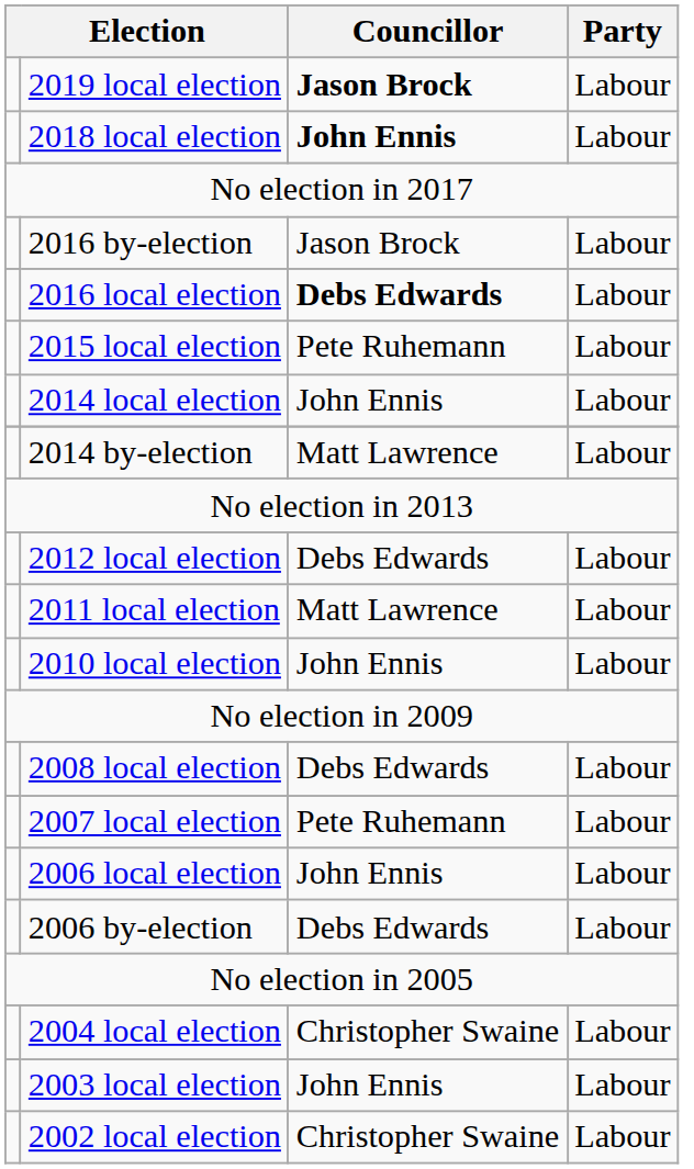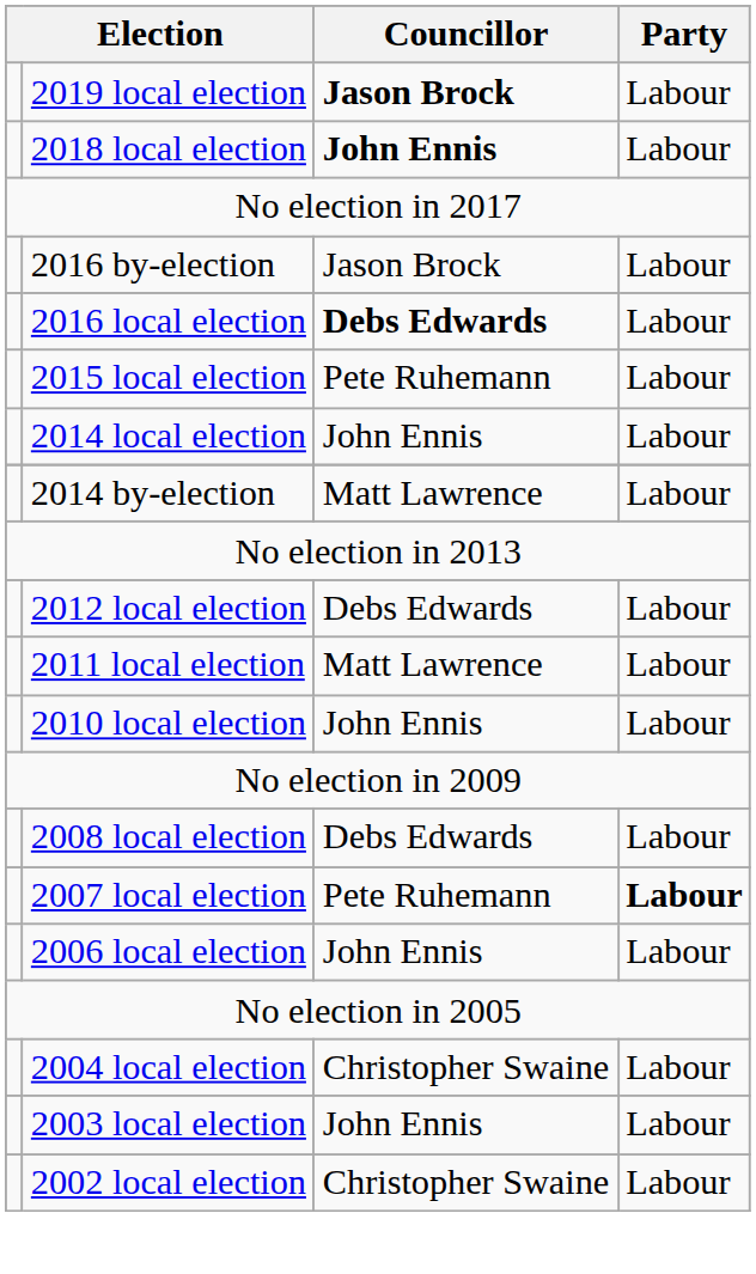 <table class="wikitable">
 <tr>
 <th colspan="2">Election</th>
 <th>Councillor</th>
 <th>Party</th>
 </tr>
 <tr>
 <td style="background-color: "></td>
 <td><a href='#'>2019 local election</a></td>
 <td><strong>Jason Brock</strong></td>
 <td>Labour</td>
 </tr>
 <tr>
 <td style="background-color: "></td>
 <td><a href='#'>2018 local election</a></td>
 <td><strong>John Ennis</strong></td>
 <td>Labour</td>
 </tr>
 <tr>
 <td colspan=4 style="text-align:center">No election in 2017</td>
 </tr>
 <tr>
 <td style="background-color: "></td>
 <td>2016 by-election</td>
 <td>Jason Brock</td>
 <td>Labour</td>
 </tr>
 <tr>
 <td style="background-color: "></td>
 <td><a href='#'>2016 local election</a></td>
 <td><strong>Debs Edwards</strong></td>
 <td>Labour</td>
 </tr>
 <tr>
 <td style="background-color: "></td>
 <td><a href='#'>2015 local election</a></td>
 <td>Pete Ruhemann</td>
 <td>Labour</td>
 </tr>
 <tr>
 <td style="background-color: "></td>
 <td><a href='#'>2014 local election</a></td>
 <td>John Ennis</td>
 <td>Labour</td>
 </tr>
 <tr>
 </tr>
 <tr>
 <td style="background-color: "></td>
 <td>2014 by-election</td>
 <td>Matt Lawrence</td>
 <td>Labour</td>
 </tr>
 <tr>
 <td colspan=4 style="text-align:center">No election in 2013</td>
 </tr>
 <tr>
 <td style="background-color: "></td>
 <td><a href='#'>2012 local election</a></td>
 <td>Debs Edwards</td>
 <td>Labour</td>
 </tr>
 <tr>
 <td style="background-color: "></td>
 <td><a href='#'>2011 local election</a></td>
 <td>Matt Lawrence</td>
 <td>Labour</td>
 </tr>
 <tr>
 <td style="background-color: "></td>
 <td><a href='#'>2010 local election</a></td>
 <td>John Ennis</td>
 <td>Labour</td>
 </tr>
 <tr>
 <td colspan=4 style="text-align:center">No election in 2009</td>
 </tr>
 <tr>
 <td style="background-color: "></td>
 <td><a href='#'>2008 local election</a></td>
 <td>Debs Edwards</td>
 <td>Labour</td>
 </tr>
 <tr>
 <td style="background-color: "></td>
 <td><a href='#'>2007 local election</a></td>
 <td>Pete Ruhemann</td>
-<td>Labour</td>
+<td><strong>Labour</strong></td>
 </tr>
 <tr>
 <td style="background-color: "></td>
 <td><a href='#'>2006 local election</a></td>
 <td>John Ennis</td>
-<td>Labour</td>
-</tr>
-<tr>
-<td style="background-color: "></td>
-<td>2006 by-election</td>
-<td>Debs Edwards</td>
 <td>Labour</td>
 </tr>
 <tr>
 <td colspan=4 style="text-align:center">No election in 2005</td>
 </tr>
 <tr>
 <td style="background-color: "></td>
 <td><a href='#'>2004 local election</a></td>
 <td>Christopher Swaine</td>
 <td>Labour</td>
 </tr>
 <tr>
 <td style="background-color: "></td>
 <td><a href='#'>2003 local election</a></td>
 <td>John Ennis</td>
 <td>Labour</td>
 </tr>
 <tr>
 <td style="background-color: "></td>
 <td><a href='#'>2002 local election</a></td>
 <td>Christopher Swaine</td>
 <td>Labour</td>
 </tr>
 </table>
